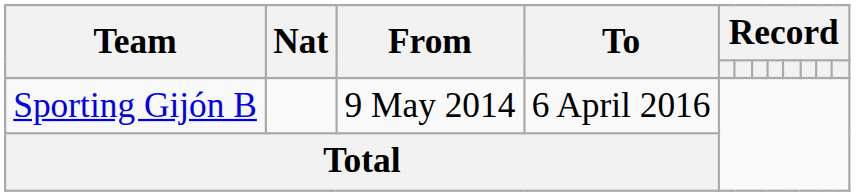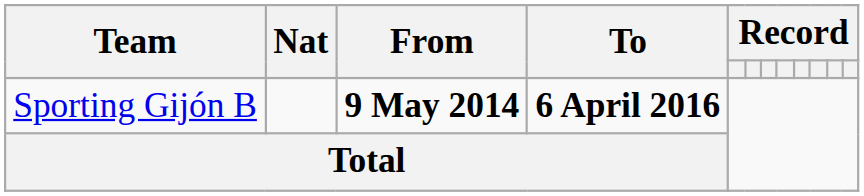 <table class="wikitable" style="text-align: center">
 <tr>
 <th rowspan="2">Team</th>
 <th rowspan="2">Nat</th>
 <th rowspan="2">From</th>
 <th rowspan="2">To</th>
 <th colspan="8">Record</th>
 </tr>
 <tr>
 <th></th>
 <th></th>
 <th></th>
 <th></th>
 <th></th>
 <th></th>
 <th></th>
 <th></th>
 </tr>
 <tr>
 <td align=left><a href='#'>Sporting Gijón B</a></td>
 <td></td>
-<td align=left>9 May 2014</td>
-<td align=left>6 April 2016<br></td>
+<td align=left><strong>9 May 2014</strong></td>
+<td align=left><strong>6 April 2016<br></strong></td>
 </tr>
 <tr>
 <th colspan="4">Total<br></th>
 </tr>
 </table>
